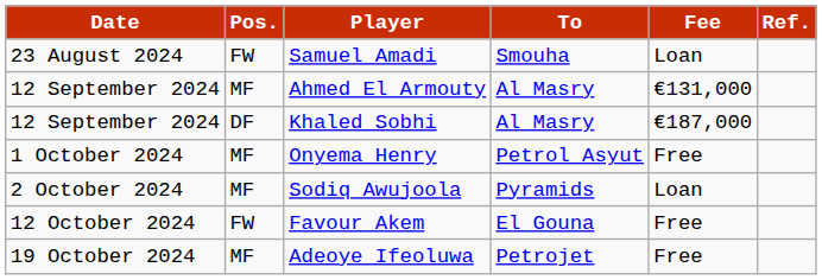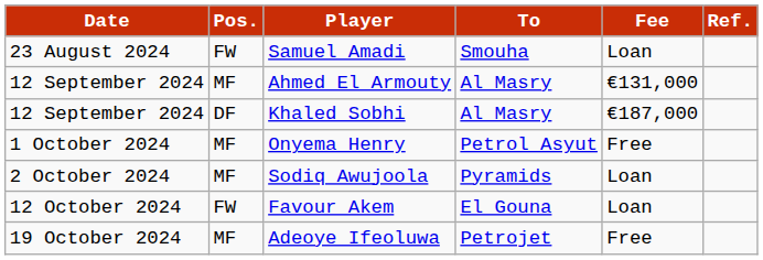 <table class="wikitable plainrowheaders sortable">
 <tr>
 <th style="background:#c92d06; color:#ffffff; ">Date</th>
 <th style="background:#c92d06; color:#ffffff; ">Pos.</th>
 <th style="background:#c92d06; color:#ffffff; ">Player</th>
 <th style="background:#c92d06; color:#ffffff; ">To</th>
 <th style="background:#c92d06; color:#ffffff; ">Fee</th>
 <th style="background:#c92d06; color:#ffffff; ">Ref.</th>
 </tr>
 <tr>
 <td>23 August 2024</td>
 <td>FW</td>
 <td> <a href='#'>Samuel Amadi</a></td>
 <td> <a href='#'>Smouha</a></td>
 <td>Loan</td>
 <td></td>
 </tr>
 <tr>
 <td>12 September 2024</td>
 <td>MF</td>
 <td> <a href='#'>Ahmed El Armouty</a></td>
 <td> <a href='#'>Al Masry</a></td>
 <td>€131,000</td>
 <td></td>
 </tr>
 <tr>
 <td>12 September 2024</td>
 <td>DF</td>
 <td> <a href='#'>Khaled Sobhi</a></td>
 <td> <a href='#'>Al Masry</a></td>
 <td>€187,000</td>
 <td></td>
 </tr>
 <tr>
 <td>1 October 2024</td>
 <td>MF</td>
 <td> <a href='#'>Onyema Henry</a></td>
 <td> <a href='#'>Petrol Asyut</a></td>
 <td>Free</td>
 <td></td>
 </tr>
 <tr>
 <td>2 October 2024</td>
 <td>MF</td>
 <td> <a href='#'>Sodiq Awujoola</a></td>
 <td> <a href='#'>Pyramids</a></td>
 <td>Loan</td>
 <td></td>
 </tr>
 <tr>
 <td>12 October 2024</td>
 <td>FW</td>
 <td> <a href='#'>Favour Akem</a></td>
 <td> <a href='#'>El Gouna</a></td>
-<td>Free</td>
+<td>Loan</td>
 <td></td>
 </tr>
 <tr>
 <td>19 October 2024</td>
 <td>MF</td>
 <td> <a href='#'>Adeoye Ifeoluwa</a></td>
 <td> <a href='#'>Petrojet</a></td>
 <td>Free</td>
 <td></td>
 </tr>
 </table>
